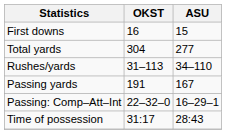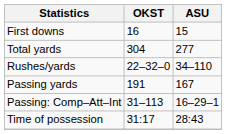 <table class="wikitable" style="float: left;">
 <tr>
 <th>Statistics</th>
 <th>OKST</th>
 <th>ASU</th>
 </tr>
 <tr>
 <td>First downs</td>
 <td>16</td>
 <td>15</td>
 </tr>
 <tr>
 <td>Total yards</td>
 <td>304</td>
 <td>277</td>
 </tr>
 <tr>
 <td>Rushes/yards</td>
-<td>31–113</td>
+<td>22–32–0</td>
 <td>34–110</td>
 </tr>
 <tr>
 <td>Passing yards</td>
 <td>191</td>
 <td>167</td>
 </tr>
 <tr>
 <td>Passing: Comp–Att–Int</td>
-<td>22–32–0</td>
+<td>31–113</td>
 <td>16–29–1</td>
 </tr>
 <tr>
 <td>Time of possession</td>
 <td>31:17</td>
 <td>28:43</td>
 </tr>
 <tr>
 </tr>
 </table>
